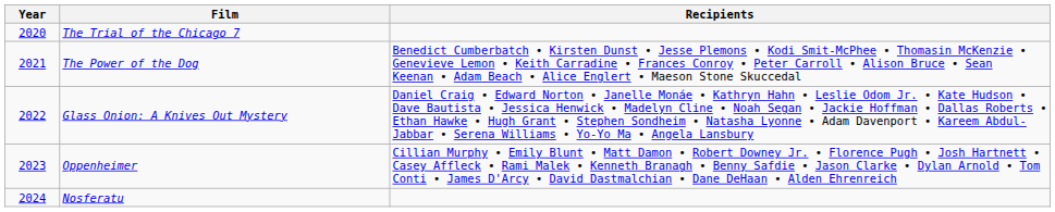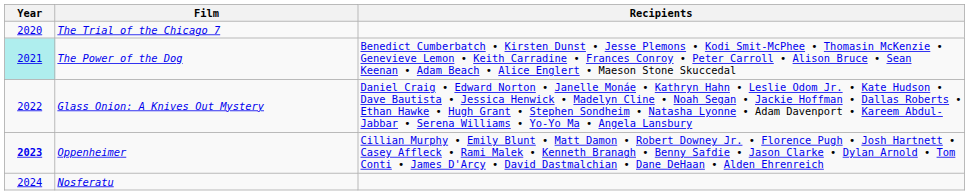 <table class="wikitable" width="95%" cellpadding="5">
 <tr>
 <th width="5%">Year</th>
 <th width="30%">Film</th>
 <th width="60%">Recipients</th>
 </tr>
 <tr>
 <td style="text-align:center;"><a href='#'>2020</a><br></td>
 <td><em><a href='#'>The Trial of the Chicago 7</a></em></td>
 </tr>
 <tr>
-<td style="text-align:center;"><a href='#'>2021</a><br></td>
+<td style="background: paleturquoise; text-align:center;"><a href='#'>2021</a><br></td>
 <td><em><a href='#'>The Power of the Dog</a></em></td>
 <td><a href='#'>Benedict Cumberbatch</a> • <a href='#'>Kirsten Dunst</a> • <a href='#'>Jesse Plemons</a> • <a href='#'>Kodi Smit-McPhee</a> • <a href='#'>Thomasin McKenzie</a> • <a href='#'>Genevieve Lemon</a> • <a href='#'>Keith Carradine</a> • <a href='#'>Frances Conroy</a> • <a href='#'>Peter Carroll</a> • <a href='#'>Alison Bruce</a> • <a href='#'>Sean Keenan</a> • <a href='#'>Adam Beach</a> • <a href='#'>Alice Englert</a> • Maeson Stone Skuccedal</td>
 </tr>
 <tr>
 <td style="text-align:center;"><a href='#'>2022</a></td>
 <td><em><a href='#'>Glass Onion: A Knives Out Mystery</a></em></td>
 <td><a href='#'>Daniel Craig</a> • <a href='#'>Edward Norton</a> • <a href='#'>Janelle Monáe</a> • <a href='#'>Kathryn Hahn</a> • <a href='#'>Leslie Odom Jr.</a> • <a href='#'>Kate Hudson</a> • <a href='#'>Dave Bautista</a> • <a href='#'>Jessica Henwick</a> • <a href='#'>Madelyn Cline</a> • <a href='#'>Noah Segan</a> • <a href='#'>Jackie Hoffman</a> • <a href='#'>Dallas Roberts</a> • <a href='#'>Ethan Hawke</a> • <a href='#'>Hugh Grant</a> • <a href='#'>Stephen Sondheim</a> • <a href='#'>Natasha Lyonne</a> • Adam Davenport • <a href='#'>Kareem Abdul-Jabbar</a> • <a href='#'>Serena Williams</a> • <a href='#'>Yo-Yo Ma</a> • <a href='#'>Angela Lansbury</a></td>
 </tr>
 <tr>
-<td style="text-align:center;"><a href='#'>2023</a></td>
+<td style="text-align:center;"><strong><a href='#'>2023</a></strong></td>
 <td><em><a href='#'>Oppenheimer</a></em></td>
 <td><a href='#'>Cillian Murphy</a> • <a href='#'>Emily Blunt</a> • <a href='#'>Matt Damon</a> • <a href='#'>Robert Downey Jr.</a> • <a href='#'>Florence Pugh</a> • <a href='#'>Josh Hartnett</a> • <a href='#'>Casey Affleck</a> • <a href='#'>Rami Malek</a> • <a href='#'>Kenneth Branagh</a> • <a href='#'>Benny Safdie</a> • <a href='#'>Jason Clarke</a> • <a href='#'>Dylan Arnold</a> • <a href='#'>Tom Conti</a> • <a href='#'>James D'Arcy</a> • <a href='#'>David Dastmalchian</a> • <a href='#'>Dane DeHaan</a> • <a href='#'>Alden Ehrenreich</a></td>
 </tr>
 <tr>
 <td style="text-align:center;"><a href='#'>2024</a></td>
 <td><em><a href='#'>Nosferatu</a></em></td>
 <td></td>
 </tr>
 </table>
